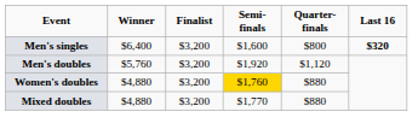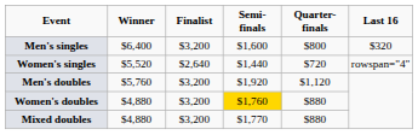 <table class="wikitable" style="font-size:90%; text-align:center">
 <tr>
 <td width="125"><strong>Event</strong></td>
 <td width="68"><strong>Winner</strong></td>
 <td width="68"><strong>Finalist</strong></td>
 <td width="68"><strong>Semi-finals</strong></td>
 <td width="80"><strong>Quarter-finals</strong></td>
 <td width="68"><strong>Last 16</strong></td>
 </tr>
 <tr>
 <td bgcolor="#dfe2e9"><strong>Men's singles</strong></td>
 <td>$6,400</td>
 <td>$3,200</td>
 <td>$1,600</td>
 <td>$800</td>
-<td><strong>$320</strong></td>
+<td>$320</td>
+</tr>
+<tr>
+<td bgcolor="#dfe2e9"><strong>Women's singles</strong></td>
+<td>$5,520</td>
+<td>$2,640</td>
+<td>$1,440</td>
+<td>$720</td>
+<td>rowspan="4" </td>
 </tr>
 <tr>
 <td bgcolor="#dfe2e9"><strong>Men's doubles</strong></td>
 <td>$5,760</td>
 <td>$3,200</td>
 <td>$1,920</td>
 <td>$1,120</td>
 </tr>
 <tr>
 <td bgcolor="#dfe2e9"><strong>Women's doubles</strong></td>
 <td>$4,880</td>
 <td>$3,200</td>
 <td style="background: gold;">$1,760</td>
 <td>$880</td>
 </tr>
 <tr>
 <td bgcolor="#dfe2e9"><strong>Mixed doubles</strong></td>
 <td>$4,880</td>
 <td>$3,200</td>
 <td>$1,770</td>
 <td>$880</td>
 </tr>
 </table>
